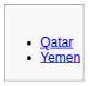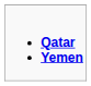 <table class="wikitable">
 <tr>
 </tr>
 <tr>
-<td><br><ul><li> <a href='#'>Qatar</a></li><li> <a href='#'>Yemen</a></li></ul></td>
+<td><strong><br><ul><li> <a href='#'>Qatar</a></li><li> <a href='#'>Yemen</a></li></ul></strong></td>
 </tr>
 </table>
